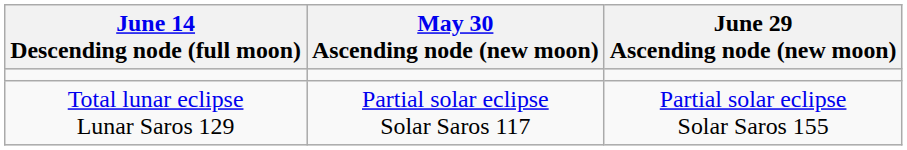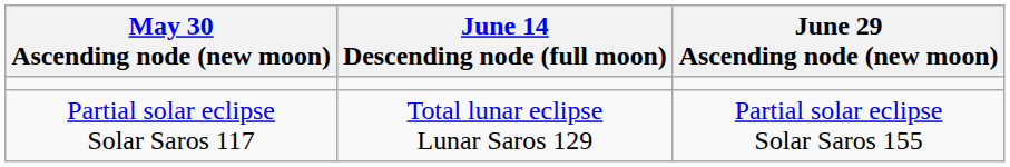 <table class="wikitable">
 <tr>
+<th><a href='#'>May 30</a><br>Ascending node (new moon)</th>
 <th><a href='#'>June 14</a><br>Descending node (full moon)</th>
-<th><a href='#'>May 30</a><br>Ascending node (new moon)</th>
 <th>June 29<br>Ascending node (new moon)</th>
 </tr>
 <tr>
 <td></td>
 <td></td>
 <td></td>
 </tr>
 <tr align=center>
+<td><a href='#'>Partial solar eclipse</a><br>Solar Saros 117</td>
 <td><a href='#'>Total lunar eclipse</a><br>Lunar Saros 129</td>
-<td><a href='#'>Partial solar eclipse</a><br>Solar Saros 117</td>
 <td><a href='#'>Partial solar eclipse</a><br>Solar Saros 155</td>
 </tr>
 </table>
